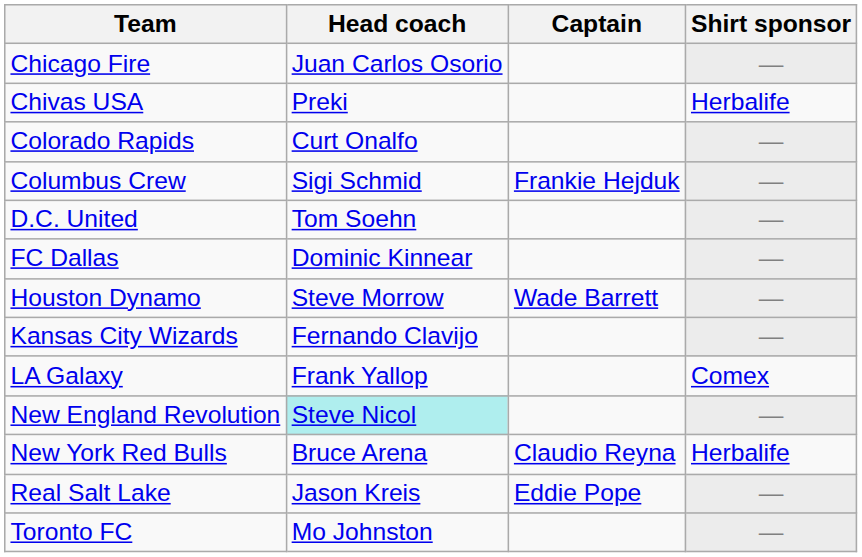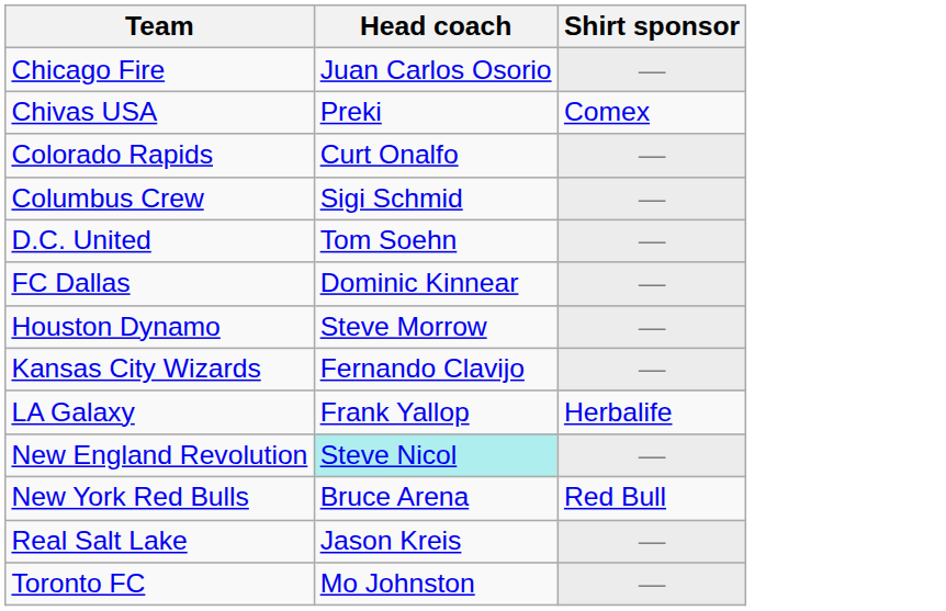 <table class="wikitable sortable" style="text-align: left;">
 <tr>
 <th>Team</th>
 <th>Head coach</th>
-<th>Captain</th>
 <th>Shirt sponsor</th>
 </tr>
 <tr>
 <td><a href='#'>Chicago Fire</a></td>
 <td> <a href='#'>Juan Carlos Osorio</a></td>
-<td></td>
 <td align="center" colspan="1" style="background:#ececec; color:gray">—</td>
 </tr>
 <tr>
 <td><a href='#'>Chivas USA</a></td>
 <td> <a href='#'>Preki</a></td>
-<td></td>
-<td><a href='#'>Herbalife</a></td>
+<td><a href='#'>Comex</a></td>
 </tr>
 <tr>
 <td><a href='#'>Colorado Rapids</a></td>
 <td> <a href='#'>Curt Onalfo</a></td>
-<td></td>
 <td align="center" colspan="1" style="background:#ececec; color:gray">—</td>
 </tr>
 <tr>
 <td><a href='#'>Columbus Crew</a></td>
 <td> <a href='#'>Sigi Schmid</a></td>
-<td> <a href='#'>Frankie Hejduk</a></td>
 <td align="center" colspan="1" style="background:#ececec; color:gray">—</td>
 </tr>
 <tr>
 <td><a href='#'>D.C. United</a></td>
 <td> <a href='#'>Tom Soehn</a></td>
-<td></td>
 <td align="center" colspan="1" style="background:#ececec; color:gray">—</td>
 </tr>
 <tr>
 <td><a href='#'>FC Dallas</a></td>
 <td> <a href='#'>Dominic Kinnear</a></td>
-<td></td>
 <td align="center" colspan="1" style="background:#ececec; color:gray">—</td>
 </tr>
 <tr>
 <td><a href='#'>Houston Dynamo</a></td>
 <td> <a href='#'>Steve Morrow</a></td>
-<td> <a href='#'>Wade Barrett</a></td>
 <td align="center" colspan="1" style="background:#ececec; color:gray">—</td>
 </tr>
 <tr>
 <td><a href='#'>Kansas City Wizards</a></td>
 <td> <a href='#'>Fernando Clavijo</a></td>
-<td></td>
 <td align="center" colspan="1" style="background:#ececec; color:gray">—</td>
 </tr>
 <tr>
 <td><a href='#'>LA Galaxy</a></td>
 <td> <a href='#'>Frank Yallop</a></td>
-<td></td>
-<td><a href='#'>Comex</a></td>
+<td><a href='#'>Herbalife</a></td>
 </tr>
 <tr>
 <td><a href='#'>New England Revolution</a></td>
 <td style="background: paleturquoise;"> <a href='#'>Steve Nicol</a></td>
-<td></td>
 <td align="center" colspan="1" style="background:#ececec; color:gray">—</td>
 </tr>
 <tr>
 <td><a href='#'>New York Red Bulls</a></td>
 <td> <a href='#'>Bruce Arena</a></td>
-<td> <a href='#'>Claudio Reyna</a></td>
-<td><a href='#'>Herbalife</a></td>
+<td><a href='#'>Red Bull</a></td>
 </tr>
 <tr>
 <td><a href='#'>Real Salt Lake</a></td>
 <td> <a href='#'>Jason Kreis</a></td>
-<td> <a href='#'>Eddie Pope</a></td>
 <td align="center" colspan="1" style="background:#ececec; color:gray">—</td>
 </tr>
 <tr>
 <td><a href='#'>Toronto FC</a></td>
 <td> <a href='#'>Mo Johnston</a></td>
-<td></td>
 <td align="center" colspan="1" style="background:#ececec; color:gray">—</td>
 </tr>
 </table>
